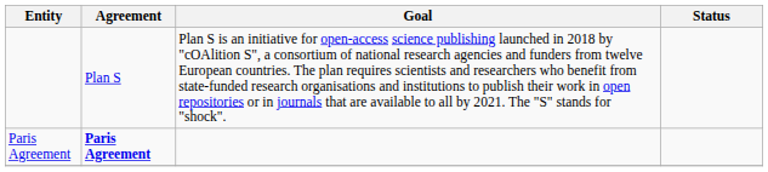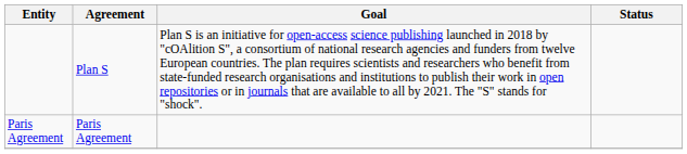 <table class="wikitable toptextcells zebra sortable">
 <tr>
 <th width=80px>Entity</th>
 <th width=100px class="unsortable">Agreement</th>
 <th class="unsortable">Goal</th>
 <th width=110px>Status</th>
 </tr>
 <tr>
 <td></td>
 <td><a href='#'>Plan S</a></td>
 <td>Plan S is an initiative for <a href='#'>open-access</a> <a href='#'>science publishing</a> launched in 2018 by "cOAlition S", a consortium of national research agencies and funders from twelve European countries. The plan requires scientists and researchers who benefit from state-funded research organisations and institutions to publish their work in <a href='#'>open repositories</a> or in <a href='#'>journals</a> that are available to all by 2021. The "S" stands for "shock".</td>
 <td></td>
 </tr>
 <tr>
 <td> <a href='#'>Paris Agreement</a></td>
-<td><strong><a href='#'>Paris Agreement</a></strong></td>
+<td><a href='#'>Paris Agreement</a></td>
 <td></td>
 <td></td>
 </tr>
 <tr>
 </tr>
 </table>
